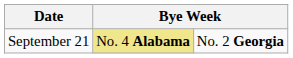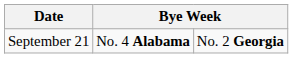 <table class="wikitable" style="font-size:95%;">
 <tr>
 <th>Date</th>
 <th colspan="2">Bye Week</th>
 </tr>
 <tr>
 <td>September 21</td>
-<td style="background: khaki;">No. 4 <strong>Alabama</strong></td>
+<td>No. 4 <strong>Alabama</strong></td>
 <td>No. 2 <strong>Georgia</strong></td>
 </tr>
 </table>
